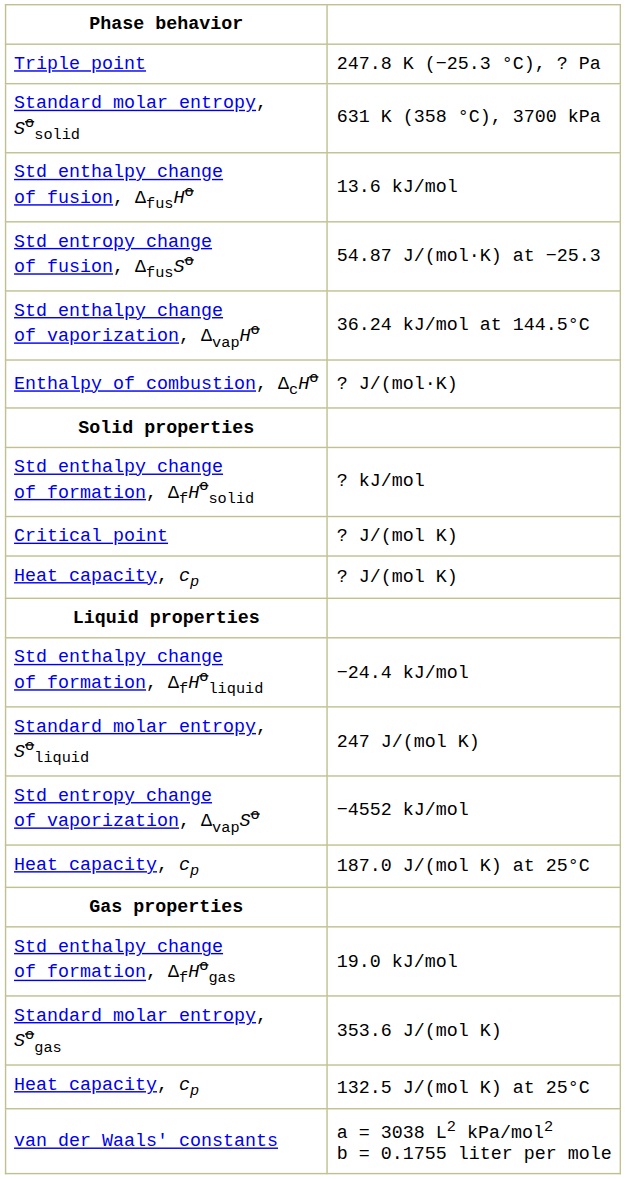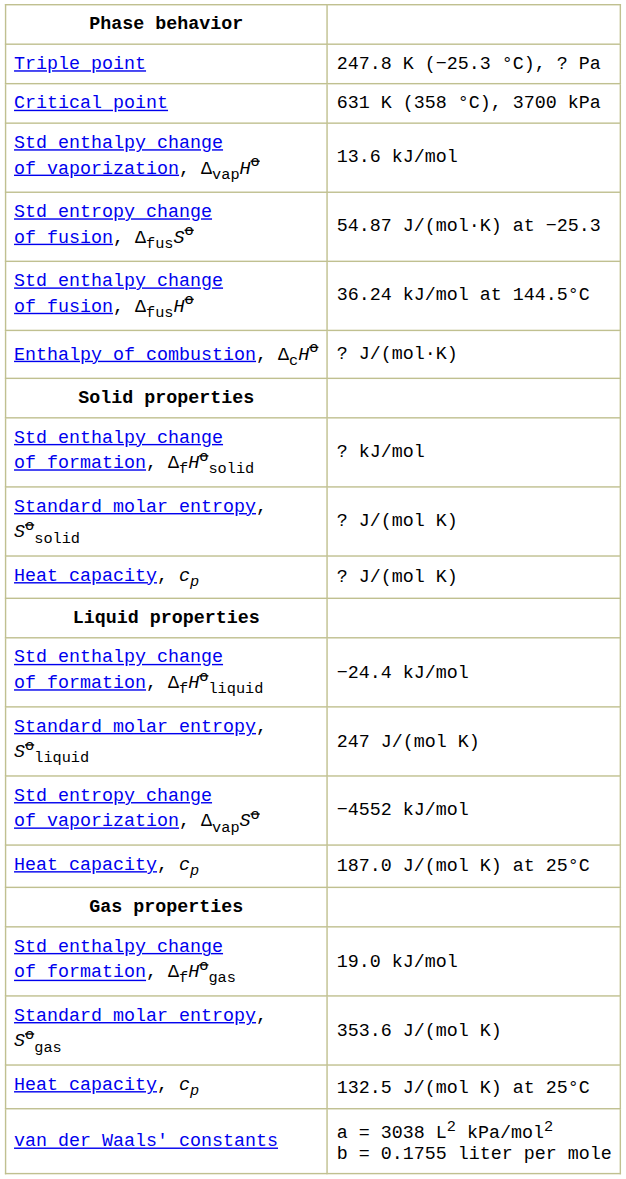 <table border="1" cellspacing="0" cellpadding="6" style="margin: 0 0 0 0.5em; background: #FFFFFF; border-collapse: collapse; border-color: #C0C090;">
 <tr>
 <th>Phase behavior</th>
 </tr>
 <tr>
 <td><a href='#'>Triple point</a></td>
 <td>247.8 K (−25.3 °C), ? Pa</td>
 </tr>
 <tr>
-<td><a href='#'>Standard molar entropy</a>,<br><em>S</em><sup><s>o</s></sup><sub>solid</sub></td>
+<td><a href='#'>Critical point</a></td>
 <td>631 K (358 °C), 3700 kPa</td>
 </tr>
 <tr>
-<td><a href='#'>Std enthalpy change<br>of fusion</a>, Δ<sub>fus</sub><em>H</em><sup><s>o</s></sup></td>
+<td><a href='#'>Std enthalpy change<br>of vaporization</a>, Δ<sub>vap</sub><em>H</em><sup><s>o</s></sup></td>
 <td>13.6 kJ/mol</td>
 </tr>
 <tr>
 <td><a href='#'>Std entropy change<br>of fusion</a>, Δ<sub>fus</sub><em>S</em><sup><s>o</s></sup></td>
 <td>54.87	 J/(mol·K) at −25.3</td>
 </tr>
 <tr>
-<td><a href='#'>Std enthalpy change<br>of vaporization</a>, Δ<sub>vap</sub><em>H</em><sup><s>o</s></sup></td>
+<td><a href='#'>Std enthalpy change<br>of fusion</a>, Δ<sub>fus</sub><em>H</em><sup><s>o</s></sup></td>
 <td>36.24 kJ/mol at 144.5°C</td>
 </tr>
 <tr>
 <td><a href='#'>Enthalpy of combustion</a>, Δ<sub>c</sub><em>H</em><sup><s>o</s></sup></td>
 <td>? J/(mol·K)</td>
 </tr>
 <tr>
 <th>Solid properties</th>
 </tr>
 <tr>
 <td><a href='#'>Std enthalpy change<br>of formation</a>, Δ<sub>f</sub><em>H</em><sup><s>o</s></sup><sub>solid</sub></td>
 <td>? kJ/mol</td>
 </tr>
 <tr>
-<td><a href='#'>Critical point</a></td>
+<td><a href='#'>Standard molar entropy</a>,<br><em>S</em><sup><s>o</s></sup><sub>solid</sub></td>
 <td>? J/(mol K)</td>
 </tr>
 <tr>
 <td><a href='#'>Heat capacity</a>, <em>c<sub>p</sub></em></td>
 <td>? J/(mol K)</td>
 </tr>
 <tr>
 <th>Liquid properties</th>
 </tr>
 <tr>
 <td><a href='#'>Std enthalpy change<br>of formation</a>, Δ<sub>f</sub><em>H</em><sup><s>o</s></sup><sub>liquid</sub></td>
 <td>−24.4 kJ/mol</td>
 </tr>
 <tr>
 <td><a href='#'>Standard molar entropy</a>,<br><em>S</em><sup><s>o</s></sup><sub>liquid</sub></td>
 <td>247 J/(mol K)</td>
 </tr>
 <tr>
 <td><a href='#'>Std entropy change<br>of vaporization</a>, Δ<sub>vap</sub><em>S</em><sup><s>o</s></sup></td>
 <td>−4552 kJ/mol</td>
 </tr>
 <tr>
 <td><a href='#'>Heat capacity</a>, <em>c<sub>p</sub></em></td>
 <td>187.0	 J/(mol K) at 25°C</td>
 </tr>
 <tr>
 <th>Gas properties</th>
 </tr>
 <tr>
 <td><a href='#'>Std enthalpy change<br>of formation</a>, Δ<sub>f</sub><em>H</em><sup><s>o</s></sup><sub>gas</sub></td>
 <td>19.0 kJ/mol</td>
 </tr>
 <tr>
 <td><a href='#'>Standard molar entropy</a>,<br><em>S</em><sup><s>o</s></sup><sub>gas</sub></td>
 <td>353.6 J/(mol K)</td>
 </tr>
 <tr>
 <td><a href='#'>Heat capacity</a>, <em>c<sub>p</sub></em></td>
 <td>132.5 J/(mol K) at 25°C</td>
 </tr>
 <tr>
 <td><a href='#'>van der Waals' constants</a></td>
 <td>a = 3038 L<sup>2</sup> kPa/mol<sup>2</sup><br> b = 0.1755 liter per mole</td>
 </tr>
 </table>
